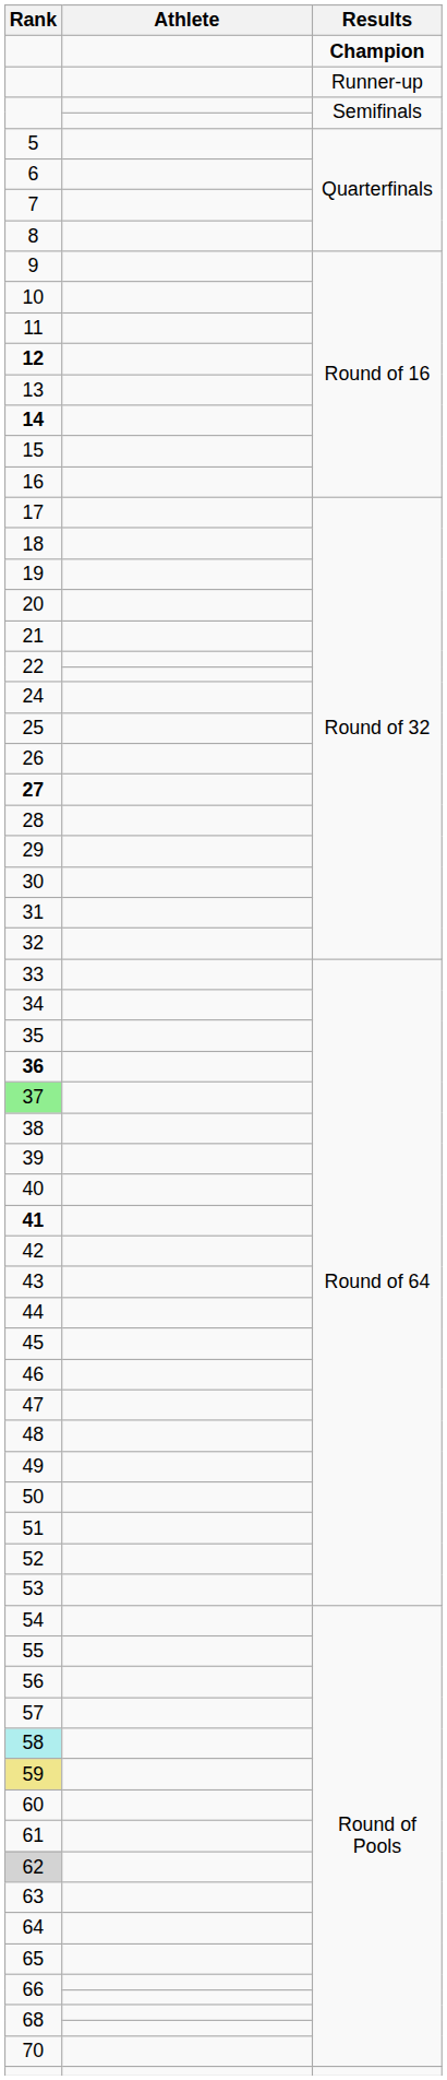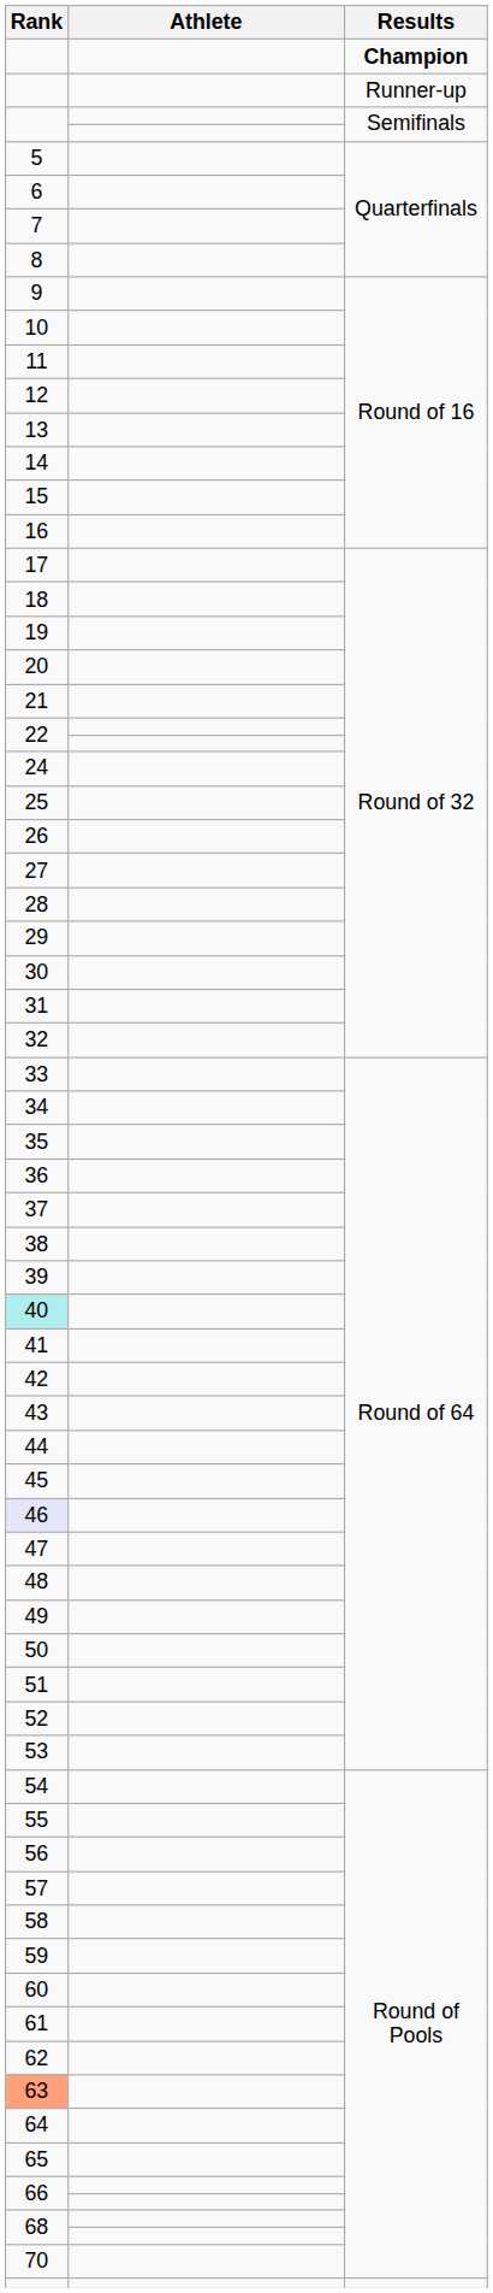 <table class="wikitable" style="text-align:center">
 <tr>
 <th width="25">Rank</th>
 <th width="200">Athlete</th>
 <th width="100">Results</th>
 </tr>
 <tr>
 <td></td>
 <td align="left"><strong></strong></td>
 <td><strong>Champion</strong></td>
 </tr>
 <tr>
 <td></td>
 <td align="left"></td>
 <td>Runner-up</td>
 </tr>
 <tr>
 <td rowspan="2"></td>
 <td align="left"></td>
 <td rowspan="2">Semifinals</td>
 </tr>
 <tr>
 <td align="left"></td>
 </tr>
 <tr>
 <td>5</td>
 <td align="left"></td>
 <td rowspan="4">Quarterfinals</td>
 </tr>
 <tr>
 <td>6</td>
 <td align="left"></td>
 </tr>
 <tr>
 <td>7</td>
 <td align="left"></td>
 </tr>
 <tr>
 <td>8</td>
 <td align="left"></td>
 </tr>
 <tr>
 <td>9</td>
 <td align="left"></td>
 <td rowspan="8">Round of 16</td>
 </tr>
 <tr>
 <td>10</td>
 <td align="left"></td>
 </tr>
 <tr>
 <td>11</td>
 <td align="left"></td>
 </tr>
 <tr>
-<td><strong>12</strong></td>
+<td>12</td>
 <td align="left"></td>
 </tr>
 <tr>
 <td>13</td>
 <td align="left"></td>
 </tr>
 <tr>
-<td><strong>14</strong></td>
+<td>14</td>
 <td align="left"></td>
 </tr>
 <tr>
 <td>15</td>
 <td align="left"></td>
 </tr>
 <tr>
 <td>16</td>
 <td align="left"></td>
 </tr>
 <tr>
 <td>17</td>
 <td align="left"></td>
 <td rowspan="16">Round of 32</td>
 </tr>
 <tr>
 <td>18</td>
 <td align="left"></td>
 </tr>
 <tr>
 <td>19</td>
 <td align="left"></td>
 </tr>
 <tr>
 <td>20</td>
 <td align="left"></td>
 </tr>
 <tr>
 <td>21</td>
 <td align="left"></td>
 </tr>
 <tr>
 <td rowspan="2">22</td>
 <td align="left"></td>
 </tr>
 <tr>
 <td align="left"></td>
 </tr>
 <tr>
 <td>24</td>
 <td align="left"></td>
 </tr>
 <tr>
 <td>25</td>
 <td align="left"></td>
 </tr>
 <tr>
 <td>26</td>
 <td align="left"></td>
 </tr>
 <tr>
-<td><strong>27</strong></td>
+<td>27</td>
 <td align="left"></td>
 </tr>
 <tr>
 <td>28</td>
 <td align="left"></td>
 </tr>
 <tr>
 <td>29</td>
 <td align="left"></td>
 </tr>
 <tr>
 <td>30</td>
 <td align="left"></td>
 </tr>
 <tr>
 <td>31</td>
 <td align="left"></td>
 </tr>
 <tr>
 <td>32</td>
 <td align="left"></td>
 </tr>
 <tr>
 <td>33</td>
 <td align="left"></td>
 <td rowspan="21">Round of 64</td>
 </tr>
 <tr>
 <td>34</td>
 <td align="left"></td>
 </tr>
 <tr>
 <td>35</td>
 <td align="left"></td>
 </tr>
 <tr>
-<td><strong>36</strong></td>
+<td>36</td>
 <td align="left"></td>
 </tr>
 <tr>
-<td style="background: lightgreen;">37</td>
+<td>37</td>
 <td align="left"></td>
 </tr>
 <tr>
 <td>38</td>
 <td align="left"></td>
 </tr>
 <tr>
 <td>39</td>
 <td align="left"></td>
 </tr>
 <tr>
-<td>40</td>
+<td style="background: paleturquoise;">40</td>
 <td align="left"></td>
 </tr>
 <tr>
-<td><strong>41</strong></td>
+<td>41</td>
 <td align="left"></td>
 </tr>
 <tr>
 <td>42</td>
 <td align="left"></td>
 </tr>
 <tr>
 <td>43</td>
 <td align="left"></td>
 </tr>
 <tr>
 <td>44</td>
 <td align="left"></td>
 </tr>
 <tr>
 <td>45</td>
 <td align="left"></td>
 </tr>
 <tr>
-<td>46</td>
+<td style="background: lavender;">46</td>
 <td align="left"></td>
 </tr>
 <tr>
 <td>47</td>
 <td align="left"></td>
 </tr>
 <tr>
 <td>48</td>
 <td align="left"></td>
 </tr>
 <tr>
 <td>49</td>
 <td align="left"></td>
 </tr>
 <tr>
 <td>50</td>
 <td align="left"></td>
 </tr>
 <tr>
 <td>51</td>
 <td align="left"></td>
 </tr>
 <tr>
 <td>52</td>
 <td align="left"></td>
 </tr>
 <tr>
 <td>53</td>
 <td align="left"></td>
 </tr>
 <tr>
 <td>54</td>
 <td align="left"></td>
 <td rowspan="17">Round of Pools</td>
 </tr>
 <tr>
 <td>55</td>
 <td align="left"></td>
 </tr>
 <tr>
 <td>56</td>
 <td align="left"></td>
 </tr>
 <tr>
 <td>57</td>
 <td align="left"></td>
 </tr>
 <tr>
-<td style="background: paleturquoise;">58</td>
+<td>58</td>
 <td align="left"></td>
 </tr>
 <tr>
-<td style="background: khaki;">59</td>
+<td>59</td>
 <td align="left"></td>
 </tr>
 <tr>
 <td>60</td>
 <td align="left"></td>
 </tr>
 <tr>
 <td>61</td>
 <td align="left"></td>
 </tr>
 <tr>
-<td style="background: lightgrey;">62</td>
+<td>62</td>
 <td align="left"></td>
 </tr>
 <tr>
-<td>63</td>
+<td style="background: lightsalmon;">63</td>
 <td align="left"></td>
 </tr>
 <tr>
 <td>64</td>
 <td align="left"></td>
 </tr>
 <tr>
 <td>65</td>
 <td align="left"></td>
 </tr>
 <tr>
 <td rowspan="2">66</td>
 <td align="left"></td>
 </tr>
 <tr>
 <td align="left"></td>
 </tr>
 <tr>
 <td rowspan="2">68</td>
 <td align="left"></td>
 </tr>
 <tr>
 <td align="left"></td>
 </tr>
 <tr>
 <td>70</td>
 <td align="left"></td>
 </tr>
 <tr>
 <td></td>
 <td align="left"></td>
 <td></td>
 </tr>
 </table>
